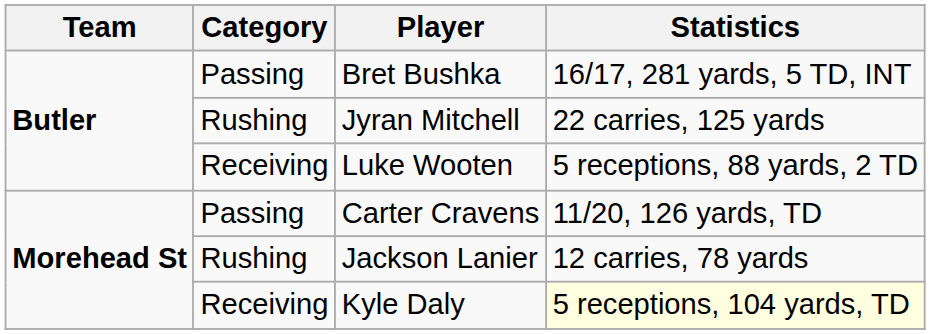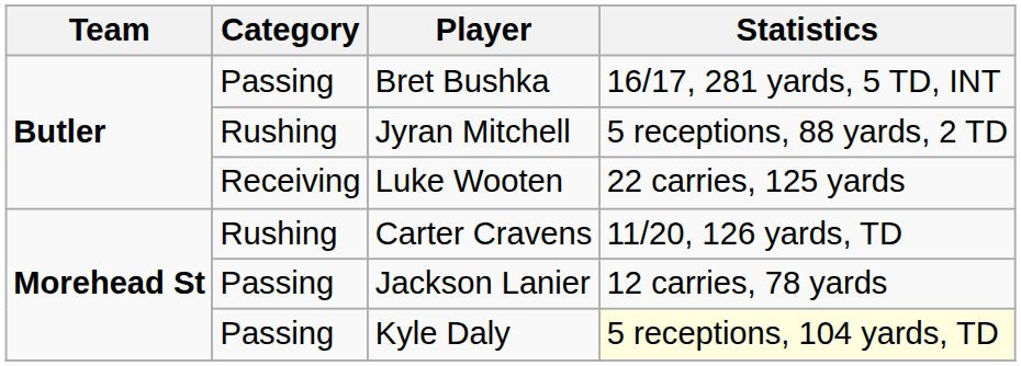 <table class="wikitable" style="float: right;">
 <tr>
 <th>Team</th>
 <th>Category</th>
 <th>Player</th>
 <th>Statistics</th>
 </tr>
 <tr>
 <td rowspan=3><strong>Butler</strong></td>
 <td>Passing</td>
 <td>Bret Bushka</td>
 <td>16/17, 281 yards, 5 TD, INT</td>
 </tr>
 <tr>
 <td>Rushing</td>
 <td>Jyran Mitchell</td>
-<td>22 carries, 125 yards</td>
+<td>5 receptions, 88 yards, 2 TD</td>
 </tr>
 <tr>
 <td>Receiving</td>
 <td>Luke Wooten</td>
-<td>5 receptions, 88 yards, 2 TD</td>
+<td>22 carries, 125 yards</td>
 </tr>
 <tr>
 <td rowspan=3><strong>Morehead St</strong></td>
-<td>Passing</td>
+<td>Rushing</td>
 <td>Carter Cravens</td>
 <td>11/20, 126 yards, TD</td>
 </tr>
 <tr>
-<td>Rushing</td>
+<td>Passing</td>
 <td>Jackson Lanier</td>
 <td>12 carries, 78 yards</td>
 </tr>
 <tr>
-<td>Receiving</td>
+<td>Passing</td>
 <td>Kyle Daly</td>
 <td style="background: lightyellow;">5 receptions, 104 yards, TD</td>
 </tr>
 </table>
